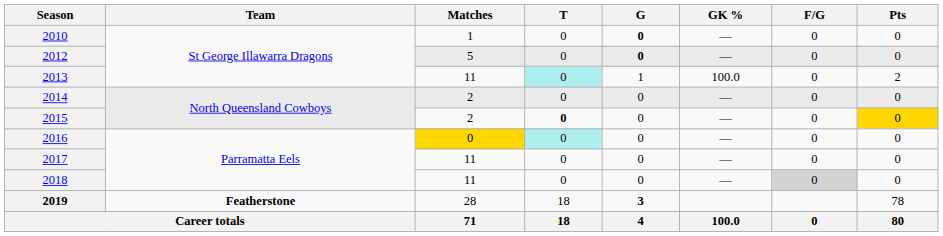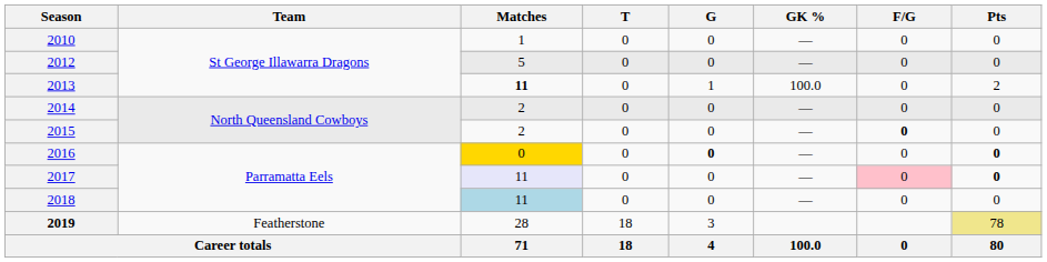 <table class="wikitable sortable"  style="font-size:90%; text-align:center; width:85%;">
 <tr>
 <th width=2%>Season</th>
 <th width=8%>Team</th>
 <th width=2%>Matches</th>
 <th width=2%>T</th>
 <th width=2%>G</th>
 <th width=2%>GK %</th>
 <th width=2%>F/G</th>
 <th width=2%>Pts</th>
 </tr>
 <tr>
 <th scope="row" style="text-align:center; font-weight:normal"><a href='#'>2010</a></th>
 <td rowspan="3" style="text-align:center;"><a href='#'>St George Illawarra Dragons</a></td>
 <td>1</td>
 <td>0</td>
-<td><strong>0</strong></td>
+<td>0</td>
 <td>—</td>
 <td>0</td>
 <td>0</td>
 </tr>
 <tr style="background-color: #EAEAEA">
 <th scope="row" style="text-align:center; font-weight:normal"><a href='#'>2012</a></th>
 <td>5</td>
 <td>0</td>
-<td><strong>0</strong></td>
+<td>0</td>
 <td>—</td>
 <td>0</td>
 <td>0</td>
 </tr>
 <tr>
 <th scope="row" style="text-align:center; font-weight:normal"><a href='#'>2013</a></th>
-<td>11</td>
-<td style="background: paleturquoise;">0</td>
+<td><strong>11</strong></td>
+<td>0</td>
 <td>1</td>
 <td>100.0</td>
 <td>0</td>
 <td>2</td>
 </tr>
 <tr style="background-color: #EAEAEA">
 <th scope="row" style="text-align:center; font-weight:normal"><a href='#'>2014</a></th>
 <td rowspan="2" style="text-align:center;"><a href='#'>North Queensland Cowboys</a></td>
 <td>2</td>
 <td>0</td>
 <td>0</td>
 <td>—</td>
 <td>0</td>
 <td>0</td>
 </tr>
 <tr>
 <th scope="row" style="text-align:center; font-weight:normal"><a href='#'>2015</a></th>
 <td>2</td>
+<td>0</td>
+<td>0</td>
+<td>—</td>
 <td><strong>0</strong></td>
 <td>0</td>
-<td>—</td>
-<td>0</td>
-<td style="background: gold;">0</td>
 </tr>
 <tr>
 <th scope="row" style="text-align:center; font-weight:normal"><a href='#'>2016</a></th>
 <td rowspan="3" style="text-align:center;"><a href='#'>Parramatta Eels</a></td>
 <td style="background: gold;">0</td>
-<td style="background: paleturquoise;">0</td>
 <td>0</td>
+<td><strong>0</strong></td>
 <td>—</td>
 <td>0</td>
-<td>0</td>
+<td><strong>0</strong></td>
 </tr>
 <tr>
 <th scope="row" style="text-align:center; font-weight:normal"><a href='#'>2017</a></th>
-<td>11</td>
+<td style="background: lavender;">11</td>
+<td>0</td>
+<td>0</td>
+<td>—</td>
+<td style="background: pink;">0</td>
+<td><strong>0</strong></td>
+</tr>
+<tr>
+<th scope="row" style="text-align:center; font-weight:normal"><a href='#'>2018</a></th>
+<td style="background: lightblue;">11</td>
 <td>0</td>
 <td>0</td>
 <td>—</td>
 <td>0</td>
 <td>0</td>
 </tr>
 <tr>
-<th scope="row" style="text-align:center; font-weight:normal"><a href='#'>2018</a></th>
-<td>11</td>
-<td>0</td>
-<td>0</td>
-<td>—</td>
-<td style="background: lightgrey;">0</td>
-<td>0</td>
-</tr>
-<tr>
 <th>2019</th>
-<td><strong>Featherstone</strong></td>
+<td>Featherstone</td>
 <td>28</td>
 <td>18</td>
-<td><strong>3</strong></td>
+<td>3</td>
 <td></td>
 <td></td>
-<td>78</td>
+<td style="background: khaki;">78</td>
 </tr>
 <tr class="sortbottom">
 <th colspan="2">Career totals</th>
 <th>71</th>
 <th>18</th>
 <th>4</th>
 <th>100.0</th>
 <th>0</th>
 <th>80</th>
 </tr>
 </table>
